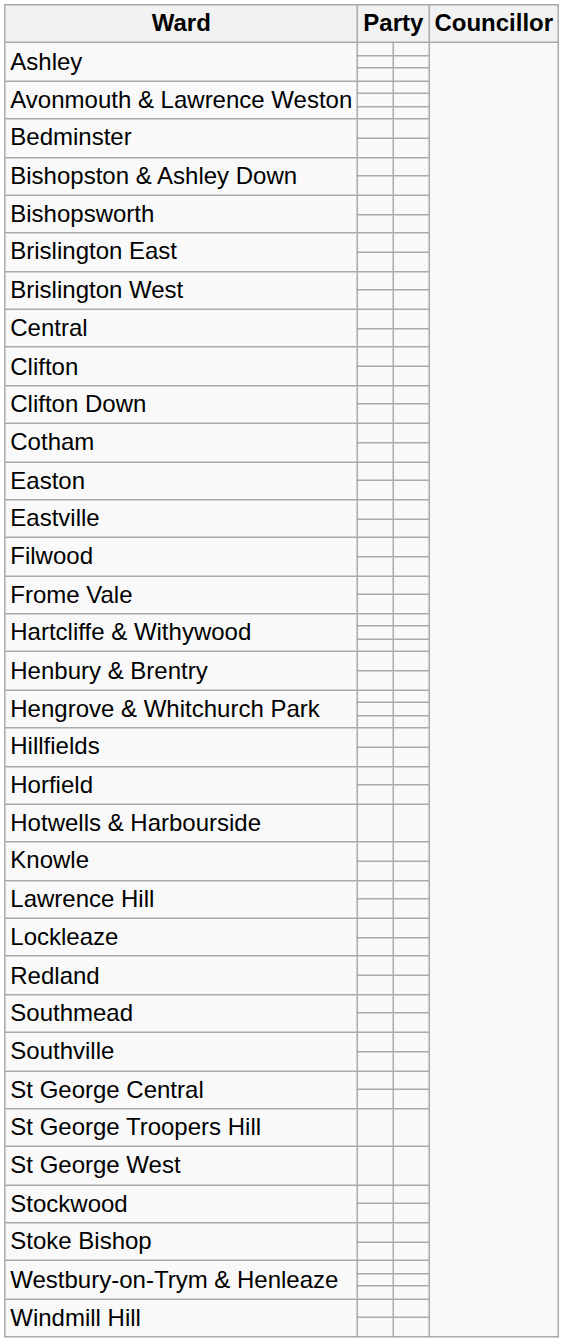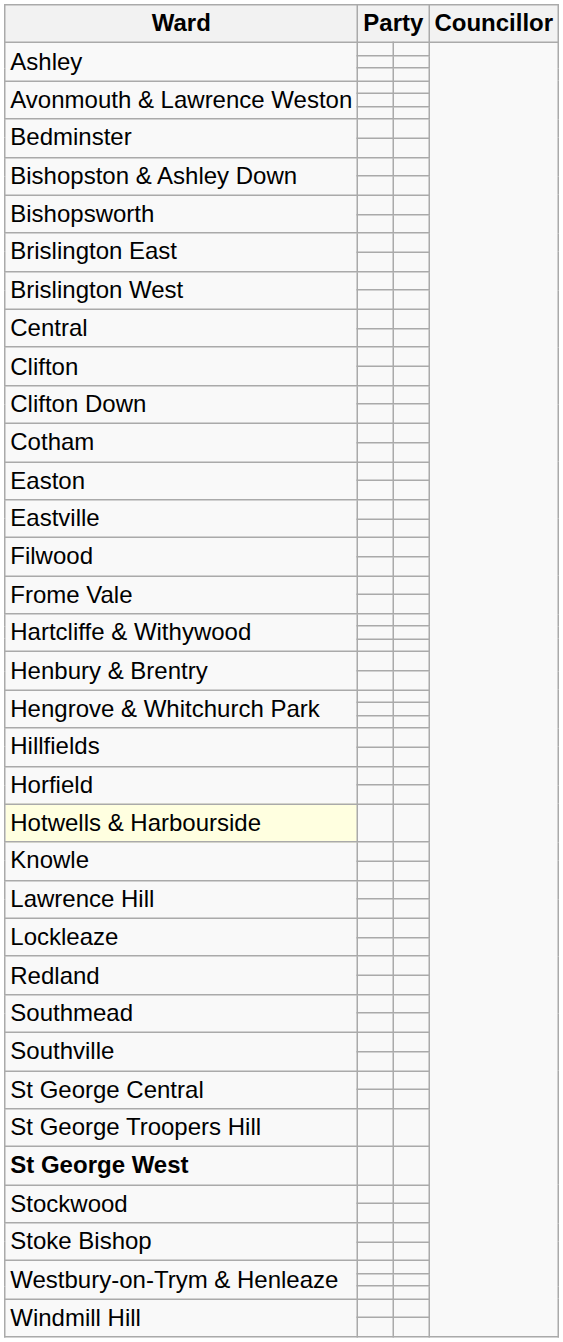 <table class="wikitable sortable">
 <tr>
 <th>Ward</th>
 <th colspan="2">Party</th>
 <th>Councillor</th>
 </tr>
 <tr>
 <td rowspan="3">Ashley</td>
 <td></td>
 <td></td>
 </tr>
 <tr>
 <td></td>
 <td></td>
 </tr>
 <tr>
 <td></td>
 <td></td>
 </tr>
 <tr>
 <td rowspan="3">Avonmouth & Lawrence Weston</td>
 <td></td>
 <td></td>
 </tr>
 <tr>
 <td></td>
 <td></td>
 </tr>
 <tr>
 <td></td>
 <td></td>
 </tr>
 <tr>
 <td rowspan="2">Bedminster</td>
 <td></td>
 <td></td>
 </tr>
 <tr>
 <td></td>
 <td></td>
 </tr>
 <tr>
 <td rowspan="2">Bishopston & Ashley Down</td>
 <td></td>
 <td></td>
 </tr>
 <tr>
 <td></td>
 <td></td>
 </tr>
 <tr>
 <td rowspan="2">Bishopsworth</td>
 <td></td>
 <td></td>
 </tr>
 <tr>
 <td></td>
 <td></td>
 </tr>
 <tr>
 <td rowspan="2">Brislington East</td>
 <td></td>
 <td></td>
 </tr>
 <tr>
 <td></td>
 <td></td>
 </tr>
 <tr>
 <td rowspan="2">Brislington West</td>
 <td></td>
 <td></td>
 </tr>
 <tr>
 <td></td>
 <td></td>
 </tr>
 <tr>
 <td rowspan="2">Central</td>
 <td></td>
 <td></td>
 </tr>
 <tr>
 <td></td>
 <td></td>
 </tr>
 <tr>
 <td rowspan="2">Clifton</td>
 <td></td>
 <td></td>
 </tr>
 <tr>
 <td></td>
 <td></td>
 </tr>
 <tr>
 <td rowspan="2">Clifton Down</td>
 <td></td>
 <td></td>
 </tr>
 <tr>
 <td></td>
 <td></td>
 </tr>
 <tr>
 <td rowspan="2">Cotham</td>
 <td></td>
 <td></td>
 </tr>
 <tr>
 <td></td>
 <td></td>
 </tr>
 <tr>
 <td rowspan="2">Easton</td>
 <td></td>
 <td></td>
 </tr>
 <tr>
 <td></td>
 <td></td>
 </tr>
 <tr>
 <td rowspan="2">Eastville</td>
 <td></td>
 <td></td>
 </tr>
 <tr>
 <td></td>
 <td></td>
 </tr>
 <tr>
 <td rowspan="2">Filwood</td>
 <td></td>
 <td></td>
 </tr>
 <tr>
 <td></td>
 <td></td>
 </tr>
 <tr>
 <td rowspan="2">Frome Vale</td>
 <td></td>
 <td></td>
 </tr>
 <tr>
 <td></td>
 <td></td>
 </tr>
 <tr>
 <td rowspan="3">Hartcliffe & Withywood</td>
 <td></td>
 <td></td>
 </tr>
 <tr>
 <td></td>
 <td></td>
 </tr>
 <tr>
 <td></td>
 <td></td>
 </tr>
 <tr>
 <td rowspan="2">Henbury & Brentry</td>
 <td></td>
 <td></td>
 </tr>
 <tr>
 <td></td>
 <td></td>
 </tr>
 <tr>
 <td rowspan="3">Hengrove & Whitchurch Park</td>
 <td></td>
 <td></td>
 </tr>
 <tr>
 <td></td>
 <td></td>
 </tr>
 <tr>
 <td></td>
 <td></td>
 </tr>
 <tr>
 <td rowspan="2">Hillfields</td>
 <td></td>
 <td></td>
 </tr>
 <tr>
 <td></td>
 <td></td>
 </tr>
 <tr>
 <td rowspan="2">Horfield</td>
 <td></td>
 <td></td>
 </tr>
 <tr>
 <td></td>
 <td></td>
 </tr>
 <tr>
-<td>Hotwells & Harbourside</td>
+<td style="background: lightyellow;">Hotwells & Harbourside</td>
 <td></td>
 <td></td>
 </tr>
 <tr>
 <td rowspan="2">Knowle</td>
 <td></td>
 <td></td>
 </tr>
 <tr>
 <td></td>
 <td></td>
 </tr>
 <tr>
 <td rowspan="2">Lawrence Hill</td>
 <td></td>
 <td></td>
 </tr>
 <tr>
 <td></td>
 <td></td>
 </tr>
 <tr>
 <td rowspan="2">Lockleaze</td>
 <td></td>
 <td></td>
 </tr>
 <tr>
 <td></td>
 <td></td>
 </tr>
 <tr>
 <td rowspan="2">Redland</td>
 <td></td>
 <td></td>
 </tr>
 <tr>
 <td></td>
 <td></td>
 </tr>
 <tr>
 <td rowspan="2">Southmead</td>
 <td></td>
 <td></td>
 </tr>
 <tr>
 <td></td>
 <td></td>
 </tr>
 <tr>
 <td rowspan="2">Southville</td>
 <td></td>
 <td></td>
 </tr>
 <tr>
 <td></td>
 <td></td>
 </tr>
 <tr>
 <td rowspan="2">St George Central</td>
 <td></td>
 <td></td>
 </tr>
 <tr>
 <td></td>
 <td></td>
 </tr>
 <tr>
 <td>St George Troopers Hill</td>
 <td></td>
 <td></td>
 </tr>
 <tr>
-<td>St George West</td>
+<td><strong>St George West</strong></td>
 <td></td>
 <td></td>
 </tr>
 <tr>
 <td rowspan="2">Stockwood</td>
 <td></td>
 <td></td>
 </tr>
 <tr>
 <td></td>
 <td></td>
 </tr>
 <tr>
 <td rowspan="2">Stoke Bishop</td>
 <td></td>
 <td></td>
 </tr>
 <tr>
 <td></td>
 <td></td>
 </tr>
 <tr>
 <td rowspan="3">Westbury-on-Trym & Henleaze</td>
 <td></td>
 <td></td>
 </tr>
 <tr>
 <td></td>
 <td></td>
 </tr>
 <tr>
 <td></td>
 <td></td>
 </tr>
 <tr>
 <td rowspan="2">Windmill Hill</td>
 <td></td>
 <td></td>
 </tr>
 <tr>
 <td></td>
 <td></td>
 </tr>
 </table>
